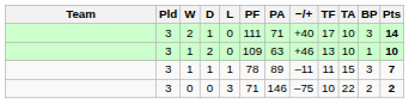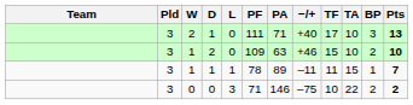 <table class="wikitable" style="text-align:center">
 <tr>
 <th width="200">Team</th>
 <th width="20">Pld</th>
 <th width="20">W</th>
 <th width="20">D</th>
 <th width="20">L</th>
 <th width="20">PF</th>
 <th width="20">PA</th>
 <th width="32">−/+</th>
 <th width="20">TF</th>
 <th width="20">TA</th>
 <th width="20">BP</th>
 <th width="20">Pts</th>
 </tr>
 <tr style="background:#ccffcc;">
 <td align="left"></td>
 <td>3</td>
 <td>2</td>
 <td>1</td>
 <td>0</td>
 <td>111</td>
 <td>71</td>
 <td>+40</td>
 <td>17</td>
 <td>10</td>
 <td>3</td>
-<td><strong>14</strong></td>
+<td><strong>13</strong></td>
 </tr>
 <tr style="background:#ccffcc;">
 <td align="left"></td>
 <td>3</td>
 <td>1</td>
 <td>2</td>
 <td>0</td>
 <td>109</td>
 <td>63</td>
 <td>+46</td>
-<td>13</td>
+<td>15</td>
 <td>10</td>
-<td>1</td>
+<td>2</td>
 <td><strong>10</strong></td>
 </tr>
 <tr>
 <td align="left"></td>
 <td>3</td>
 <td>1</td>
 <td>1</td>
 <td>1</td>
 <td>78</td>
 <td>89</td>
 <td>–11</td>
 <td>11</td>
 <td>15</td>
-<td>3</td>
+<td>1</td>
 <td><strong>7</strong></td>
 </tr>
 <tr>
 <td align="left"></td>
 <td>3</td>
 <td>0</td>
 <td>0</td>
 <td>3</td>
 <td>71</td>
 <td>146</td>
 <td>–75</td>
 <td>10</td>
 <td>22</td>
 <td>2</td>
 <td><strong>2</strong></td>
 </tr>
 </table>
